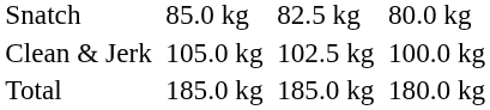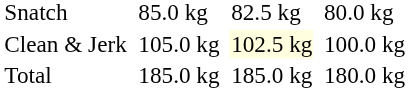 <table>
 <tr>
 <td>Snatch</td>
 <td></td>
 <td>85.0 kg</td>
 <td></td>
 <td>82.5 kg</td>
 <td></td>
 <td>80.0 kg</td>
 </tr>
 <tr>
 <td>Clean & Jerk</td>
 <td></td>
 <td>105.0 kg</td>
 <td></td>
-<td>102.5 kg</td>
+<td style="background: lightyellow;">102.5 kg</td>
 <td></td>
 <td>100.0 kg</td>
 </tr>
 <tr>
 <td>Total</td>
 <td></td>
 <td>185.0 kg</td>
 <td></td>
 <td>185.0 kg</td>
 <td></td>
 <td>180.0 kg</td>
 </tr>
 </table>
